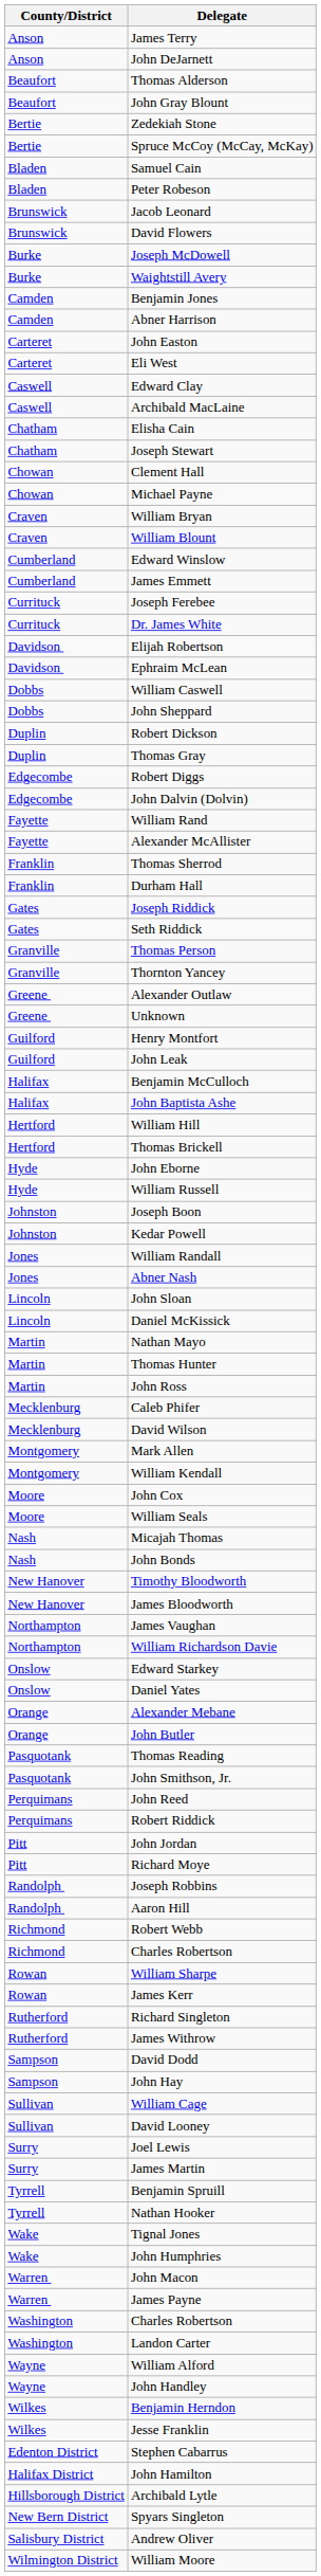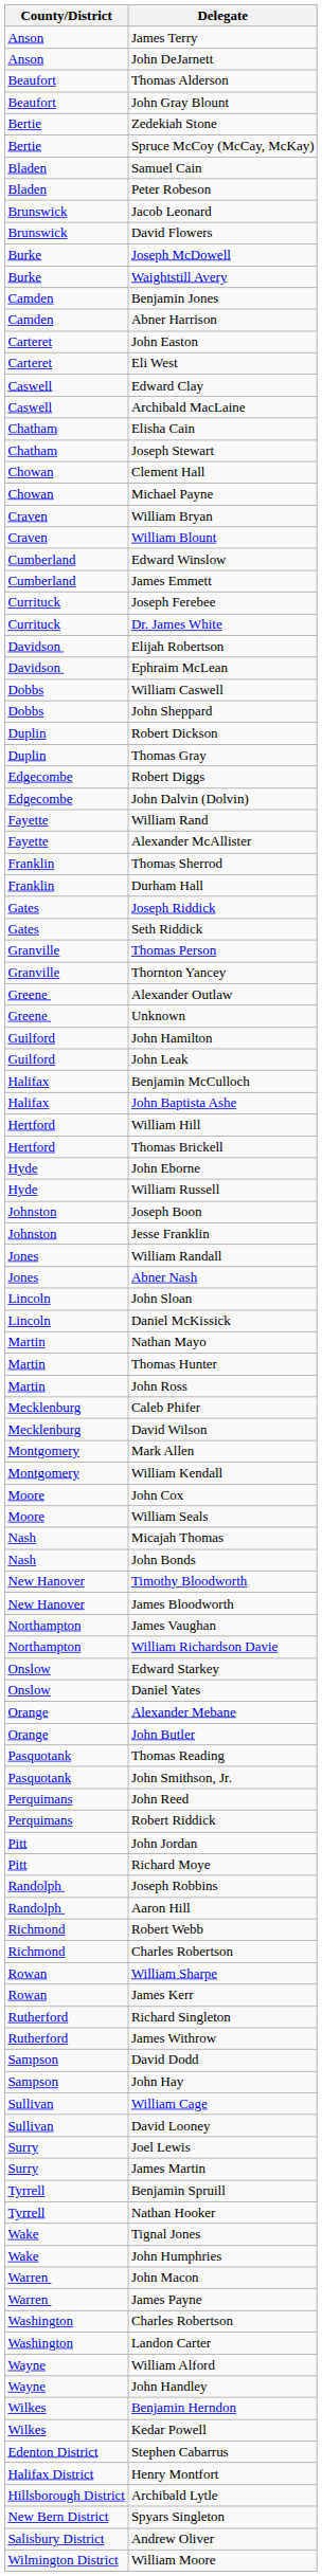 <table class="wikitable sortable">
 <tr>
 <th>County/District</th>
 <th>Delegate</th>
 </tr>
 <tr>
 <td><a href='#'>Anson</a></td>
 <td data-sort-Value="Terry, James">James Terry</td>
 </tr>
 <tr>
 <td><a href='#'>Anson</a></td>
 <td data-sort-Value="DeJarnett, John">John DeJarnett</td>
 </tr>
 <tr>
 <td><a href='#'>Beaufort</a></td>
 <td data-sort-Value="Alderson, Thomas">Thomas Alderson</td>
 </tr>
 <tr>
 <td><a href='#'>Beaufort</a></td>
 <td data-sort-Value="Blount, john Gray">John Gray Blount</td>
 </tr>
 <tr>
 <td><a href='#'>Bertie</a></td>
 <td data-sort-Value="Stone, Zedekiah">Zedekiah Stone</td>
 </tr>
 <tr>
 <td><a href='#'>Bertie</a></td>
 <td data-sort-Value="McCoy, Spruce">Spruce McCoy (McCay, McKay)</td>
 </tr>
 <tr>
 <td><a href='#'>Bladen</a></td>
 <td data-sort-Value="Cain, Samuel">Samuel Cain</td>
 </tr>
 <tr>
 <td><a href='#'>Bladen</a></td>
 <td data-sort-Value="Robeson, Peter">Peter Robeson</td>
 </tr>
 <tr>
 <td><a href='#'>Brunswick</a></td>
 <td data-sort-Value="Leonard, Jacob">Jacob Leonard</td>
 </tr>
 <tr>
 <td><a href='#'>Brunswick</a></td>
 <td data-sort-Value="Flowers, David">David Flowers</td>
 </tr>
 <tr>
 <td><a href='#'>Burke</a></td>
 <td data-sort-Value="McDowell, Joseph"><a href='#'>Joseph McDowell</a></td>
 </tr>
 <tr>
 <td><a href='#'>Burke</a></td>
 <td data-sort-Value="Avery, Waightstill"><a href='#'>Waightstill Avery</a></td>
 </tr>
 <tr>
 <td><a href='#'>Camden</a></td>
 <td data-sort-Value="Jones, Benjamin">Benjamin Jones</td>
 </tr>
 <tr>
 <td><a href='#'>Camden</a></td>
 <td data-sort-Value="Harrison, Abner">Abner Harrison</td>
 </tr>
 <tr>
 <td><a href='#'>Carteret</a></td>
 <td data-sort-Value="Easton, John">John Easton</td>
 </tr>
 <tr>
 <td><a href='#'>Carteret</a></td>
 <td data-sort-Value="West, Eli">Eli West</td>
 </tr>
 <tr>
 <td><a href='#'>Caswell</a></td>
 <td data-sort-Value="Clay, Edward">Edward Clay</td>
 </tr>
 <tr>
 <td><a href='#'>Caswell</a></td>
 <td data-sort-Value="MacLaine, Archibald">Archibald MacLaine</td>
 </tr>
 <tr>
 <td><a href='#'>Chatham</a></td>
 <td data-sort-Value="Cain, Elisha">Elisha Cain</td>
 </tr>
 <tr>
 <td><a href='#'>Chatham</a></td>
 <td data-sort-Value="Stewart, Joseph">Joseph Stewart</td>
 </tr>
 <tr>
 <td><a href='#'>Chowan</a></td>
 <td data-sort-Value="Hall, Clement">Clement Hall</td>
 </tr>
 <tr>
 <td><a href='#'>Chowan</a></td>
 <td data-sort-Value="Payne, Michael">Michael Payne</td>
 </tr>
 <tr>
 <td><a href='#'>Craven</a></td>
 <td data-sort-Value="Bryan, William">William Bryan</td>
 </tr>
 <tr>
 <td><a href='#'>Craven</a></td>
 <td data-sort-Value="Blount, William"><a href='#'>William Blount</a></td>
 </tr>
 <tr>
 <td><a href='#'>Cumberland</a></td>
 <td data-sort-Value="Winslow, Edward">Edward Winslow</td>
 </tr>
 <tr>
 <td><a href='#'>Cumberland</a></td>
 <td data-sort-Value="Emmett, James">James Emmett</td>
 </tr>
 <tr>
 <td><a href='#'>Currituck</a></td>
 <td data-sort-Value="Ferebee, Joseph">Joseph Ferebee</td>
 </tr>
 <tr>
 <td><a href='#'>Currituck</a></td>
 <td data-sort-Value="White, James, Jr."><a href='#'>Dr. James White</a></td>
 </tr>
 <tr>
 <td><a href='#'>Davidson </a></td>
 <td data-sort-Value="Robertson, Elijah">Elijah Robertson</td>
 </tr>
 <tr>
 <td><a href='#'>Davidson </a></td>
 <td data-sort-Value="McLean, Ephraim">Ephraim McLean</td>
 </tr>
 <tr>
 <td><a href='#'>Dobbs</a></td>
 <td data-sort-Value="Caswell, William">William Caswell</td>
 </tr>
 <tr>
 <td><a href='#'>Dobbs</a></td>
 <td data-sort-Value="Sheppard, John">John Sheppard</td>
 </tr>
 <tr>
 <td><a href='#'>Duplin</a></td>
 <td data-sort-Value="Dickson, Robert">Robert Dickson</td>
 </tr>
 <tr>
 <td><a href='#'>Duplin</a></td>
 <td data-sort-Value="Gray, Thomas">Thomas Gray</td>
 </tr>
 <tr>
 <td><a href='#'>Edgecombe</a></td>
 <td data-sort-Value="Diggs, Robert">Robert Diggs</td>
 </tr>
 <tr>
 <td><a href='#'>Edgecombe</a></td>
 <td data-sort-Value="Dolvin), john Dalvin">John Dalvin (Dolvin)</td>
 </tr>
 <tr>
 <td><a href='#'>Fayette</a></td>
 <td data-sort-Value="Rand, William">William Rand</td>
 </tr>
 <tr>
 <td><a href='#'>Fayette</a></td>
 <td data-sort-Value="McAllister, Alexander">Alexander McAllister</td>
 </tr>
 <tr>
 <td><a href='#'>Franklin</a></td>
 <td data-sort-Value="Sherrod, Thomas">Thomas Sherrod</td>
 </tr>
 <tr>
 <td><a href='#'>Franklin</a></td>
 <td data-sort-Value="Hall, Durham">Durham Hall</td>
 </tr>
 <tr>
 <td><a href='#'>Gates</a></td>
 <td data-sort-Value="Riddick, Joseph"><a href='#'>Joseph Riddick</a></td>
 </tr>
 <tr>
 <td><a href='#'>Gates</a></td>
 <td data-sort-Value="Riddick, Seth">Seth Riddick</td>
 </tr>
 <tr>
 <td><a href='#'>Granville</a></td>
 <td data-sort-Value="Person, Thomas"><a href='#'>Thomas Person</a></td>
 </tr>
 <tr>
 <td><a href='#'>Granville</a></td>
 <td data-sort-Value="Yancey, Thornton">Thornton Yancey</td>
 </tr>
 <tr>
 <td><a href='#'>Greene </a></td>
 <td data-sort-Value="Outlaw, Alexander">Alexander Outlaw</td>
 </tr>
 <tr>
 <td><a href='#'>Greene </a></td>
 <td data-sort-Value="z Unknown">Unknown</td>
 </tr>
 <tr>
 <td><a href='#'>Guilford</a></td>
-<td data-sort-Value="Montfort, Henry">Henry Montfort</td>
+<td data-sort-Value="Hamilton, John">John Hamilton</td>
 </tr>
 <tr>
 <td><a href='#'>Guilford</a></td>
 <td data-sort-Value="Leak, John">John Leak</td>
 </tr>
 <tr>
 <td><a href='#'>Halifax</a></td>
 <td data-sort-Value="McCulloch, Benjamin">Benjamin McCulloch</td>
 </tr>
 <tr>
 <td><a href='#'>Halifax</a></td>
 <td data-sort-Value="Ashe, john Baptista"><a href='#'>John Baptista Ashe</a></td>
 </tr>
 <tr>
 <td><a href='#'>Hertford</a></td>
 <td data-sort-Value="Hill, William">William Hill</td>
 </tr>
 <tr>
 <td><a href='#'>Hertford</a></td>
 <td data-sort-Value="Brickell, Thomas">Thomas Brickell</td>
 </tr>
 <tr>
 <td><a href='#'>Hyde</a></td>
 <td data-sort-Value="Eborne, John">John Eborne</td>
 </tr>
 <tr>
 <td><a href='#'>Hyde</a></td>
 <td data-sort-Value="Russell, William">William Russell</td>
 </tr>
 <tr>
 <td><a href='#'>Johnston</a></td>
 <td data-sort-Value="Boon, Joseph">Joseph Boon</td>
 </tr>
 <tr>
 <td><a href='#'>Johnston</a></td>
-<td data-sort-Value="Powell, Kedar">Kedar Powell</td>
+<td data-sort-Value="Franklin, Jesse">Jesse Franklin</td>
 </tr>
 <tr>
 <td><a href='#'>Jones</a></td>
 <td data-sort-Value="Randall, William">William Randall</td>
 </tr>
 <tr>
 <td><a href='#'>Jones</a></td>
 <td data-sort-Value="Nash, Abner"><a href='#'>Abner Nash</a></td>
 </tr>
 <tr>
 <td><a href='#'>Lincoln</a></td>
 <td data-sort-Value="Sloan, John">John Sloan</td>
 </tr>
 <tr>
 <td><a href='#'>Lincoln</a></td>
 <td data-sort-Value="McKissick, Daniel">Daniel McKissick</td>
 </tr>
 <tr>
 <td><a href='#'>Martin</a></td>
 <td data-sort-Value="Mayo, Nathan">Nathan Mayo</td>
 </tr>
 <tr>
 <td><a href='#'>Martin</a></td>
 <td data-sort-Value="Hunter, Thomas">Thomas Hunter</td>
 </tr>
 <tr>
 <td><a href='#'>Martin</a></td>
 <td data-sort-Value="Ross, John">John Ross</td>
 </tr>
 <tr>
 <td><a href='#'>Mecklenburg</a></td>
 <td data-sort-Value="Phifer, Caleb">Caleb Phifer</td>
 </tr>
 <tr>
 <td><a href='#'>Mecklenburg</a></td>
 <td data-sort-Value="Wilson, David">David Wilson</td>
 </tr>
 <tr>
 <td><a href='#'>Montgomery</a></td>
 <td data-sort-Value="Allen, Mark">Mark Allen</td>
 </tr>
 <tr>
 <td><a href='#'>Montgomery</a></td>
 <td data-sort-Value="Kendall, William">William Kendall</td>
 </tr>
 <tr>
 <td><a href='#'>Moore</a></td>
 <td data-sort-Value="Cox, John">John Cox</td>
 </tr>
 <tr>
 <td><a href='#'>Moore</a></td>
 <td data-sort-Value="Seals, William">William Seals</td>
 </tr>
 <tr>
 <td><a href='#'>Nash</a></td>
 <td data-sort-Value="Thomas, Micajah">Micajah Thomas</td>
 </tr>
 <tr>
 <td><a href='#'>Nash</a></td>
 <td data-sort-Value="Bonds, John">John Bonds</td>
 </tr>
 <tr>
 <td><a href='#'>New Hanover</a></td>
 <td data-sort-Value="Bloodworth, Timothy"><a href='#'>Timothy Bloodworth</a></td>
 </tr>
 <tr>
 <td><a href='#'>New Hanover</a></td>
 <td data-sort-Value="Bloodworth, James">James Bloodworth</td>
 </tr>
 <tr>
 <td><a href='#'>Northampton</a></td>
 <td data-sort-Value="Vaughan, James">James Vaughan</td>
 </tr>
 <tr>
 <td><a href='#'>Northampton</a></td>
 <td data-sort-Value="Davie, William Richardson"><a href='#'>William Richardson Davie</a></td>
 </tr>
 <tr>
 <td><a href='#'>Onslow</a></td>
 <td data-sort-Value="Starkey, Edward">Edward Starkey</td>
 </tr>
 <tr>
 <td><a href='#'>Onslow</a></td>
 <td data-sort-Value="Yates, Daniel">Daniel Yates</td>
 </tr>
 <tr>
 <td><a href='#'>Orange</a></td>
 <td data-sort-Value="Mebane, Alexander"><a href='#'>Alexander Mebane</a></td>
 </tr>
 <tr>
 <td><a href='#'>Orange</a></td>
 <td data-sort-Value="Butler, John"><a href='#'>John Butler</a></td>
 </tr>
 <tr>
 <td><a href='#'>Pasquotank</a></td>
 <td data-sort-Value="Reading, Thomas">Thomas Reading</td>
 </tr>
 <tr>
 <td><a href='#'>Pasquotank</a></td>
 <td data-sort-Value="Smithson, John, Jr.">John Smithson, Jr.</td>
 </tr>
 <tr>
 <td><a href='#'>Perquimans</a></td>
 <td data-sort-Value="Reed, John">John Reed</td>
 </tr>
 <tr>
 <td><a href='#'>Perquimans</a></td>
 <td data-sort-Value="Riddick, Robert">Robert Riddick</td>
 </tr>
 <tr>
 <td><a href='#'>Pitt</a></td>
 <td data-sort-Value="Jordan, John">John Jordan</td>
 </tr>
 <tr>
 <td><a href='#'>Pitt</a></td>
 <td data-sort-Value="Moye, Richard">Richard Moye</td>
 </tr>
 <tr>
 <td><a href='#'>Randolph </a></td>
 <td data-sort-Value="Robbins, Joseph">Joseph Robbins</td>
 </tr>
 <tr>
 <td><a href='#'>Randolph </a></td>
 <td data-sort-Value="Hill, Aaron">Aaron Hill</td>
 </tr>
 <tr>
 <td><a href='#'>Richmond</a></td>
 <td data-sort-Value="Webb, Robert">Robert Webb</td>
 </tr>
 <tr>
 <td><a href='#'>Richmond</a></td>
 <td data-sort-Value="Robertson, Charles">Charles Robertson</td>
 </tr>
 <tr>
 <td><a href='#'>Rowan</a></td>
 <td data-sort-Value="Sharpe, William"><a href='#'>William Sharpe</a></td>
 </tr>
 <tr>
 <td><a href='#'>Rowan</a></td>
 <td data-sort-Value="Kerr, James">James Kerr</td>
 </tr>
 <tr>
 <td><a href='#'>Rutherford</a></td>
 <td data-sort-Value="Singleton, Richard">Richard Singleton</td>
 </tr>
 <tr>
 <td><a href='#'>Rutherford</a></td>
 <td data-sort-Value="Withrow, James">James Withrow</td>
 </tr>
 <tr>
 <td><a href='#'>Sampson</a></td>
 <td data-sort-Value="Dodd, David">David Dodd</td>
 </tr>
 <tr>
 <td><a href='#'>Sampson</a></td>
 <td data-sort-Value="Hay, John">John Hay</td>
 </tr>
 <tr>
 <td><a href='#'>Sullivan</a></td>
 <td data-sort-Value="Cage, William"><a href='#'>William Cage</a></td>
 </tr>
 <tr>
 <td><a href='#'>Sullivan</a></td>
 <td data-sort-Value="Looney, David">David Looney</td>
 </tr>
 <tr>
 <td><a href='#'>Surry</a></td>
 <td data-sort-Value="Lewis, Joel">Joel Lewis</td>
 </tr>
 <tr>
 <td><a href='#'>Surry</a></td>
 <td data-sort-Value="Martin, James">James Martin</td>
 </tr>
 <tr>
 <td><a href='#'>Tyrrell</a></td>
 <td data-sort-Value="Spruill, Benjamin">Benjamin Spruill</td>
 </tr>
 <tr>
 <td><a href='#'>Tyrrell</a></td>
 <td data-sort-Value="Hooker, Nathan">Nathan Hooker</td>
 </tr>
 <tr>
 <td><a href='#'>Wake</a></td>
 <td data-sort-Value="Jones, Tignal">Tignal Jones</td>
 </tr>
 <tr>
 <td><a href='#'>Wake</a></td>
 <td data-sort-Value="Humphries, John">John Humphries</td>
 </tr>
 <tr>
 <td><a href='#'>Warren </a></td>
 <td data-sort-Value="Macon, John">John Macon</td>
 </tr>
 <tr>
 <td><a href='#'>Warren </a></td>
 <td data-sort-Value="Payne, James">James Payne</td>
 </tr>
 <tr>
 <td><a href='#'>Washington</a></td>
 <td data-sort-Value="Robertson, Charles">Charles Robertson</td>
 </tr>
 <tr>
 <td><a href='#'>Washington</a></td>
 <td data-sort-Value="Carter, Landon">Landon Carter</td>
 </tr>
 <tr>
 <td><a href='#'>Wayne</a></td>
 <td data-sort-Value="Alford, William">William Alford</td>
 </tr>
 <tr>
 <td><a href='#'>Wayne</a></td>
 <td data-sort-Value="Handley, John">John Handley</td>
 </tr>
 <tr>
 <td><a href='#'>Wilkes</a></td>
 <td data-sort-Value="Herndon, Benjamin"><a href='#'>Benjamin Herndon</a></td>
 </tr>
 <tr>
 <td><a href='#'>Wilkes</a></td>
-<td data-sort-Value="Franklin, Jesse">Jesse Franklin</td>
+<td data-sort-Value="Powell, Kedar">Kedar Powell</td>
 </tr>
 <tr>
 <td><a href='#'>Edenton District</a></td>
 <td data-sort-Value="Cabarrus, Stephen">Stephen Cabarrus</td>
 </tr>
 <tr>
 <td><a href='#'>Halifax District</a></td>
-<td data-sort-Value="Hamilton, John">John Hamilton</td>
+<td data-sort-Value="Montfort, Henry">Henry Montfort</td>
 </tr>
 <tr>
 <td><a href='#'>Hillsborough District</a></td>
 <td data-sort-Value="Lytle, Archibald">Archibald Lytle</td>
 </tr>
 <tr>
 <td><a href='#'>New Bern District</a></td>
 <td data-sort-Value="Singleton, Spyars">Spyars Singleton</td>
 </tr>
 <tr>
 <td><a href='#'>Salisbury District</a></td>
 <td data-sort-Value="Oliver, Andrew">Andrew Oliver</td>
 </tr>
 <tr>
 <td><a href='#'>Wilmington District</a></td>
 <td data-sort-Value="Moore, William">William Moore</td>
 </tr>
 </table>
